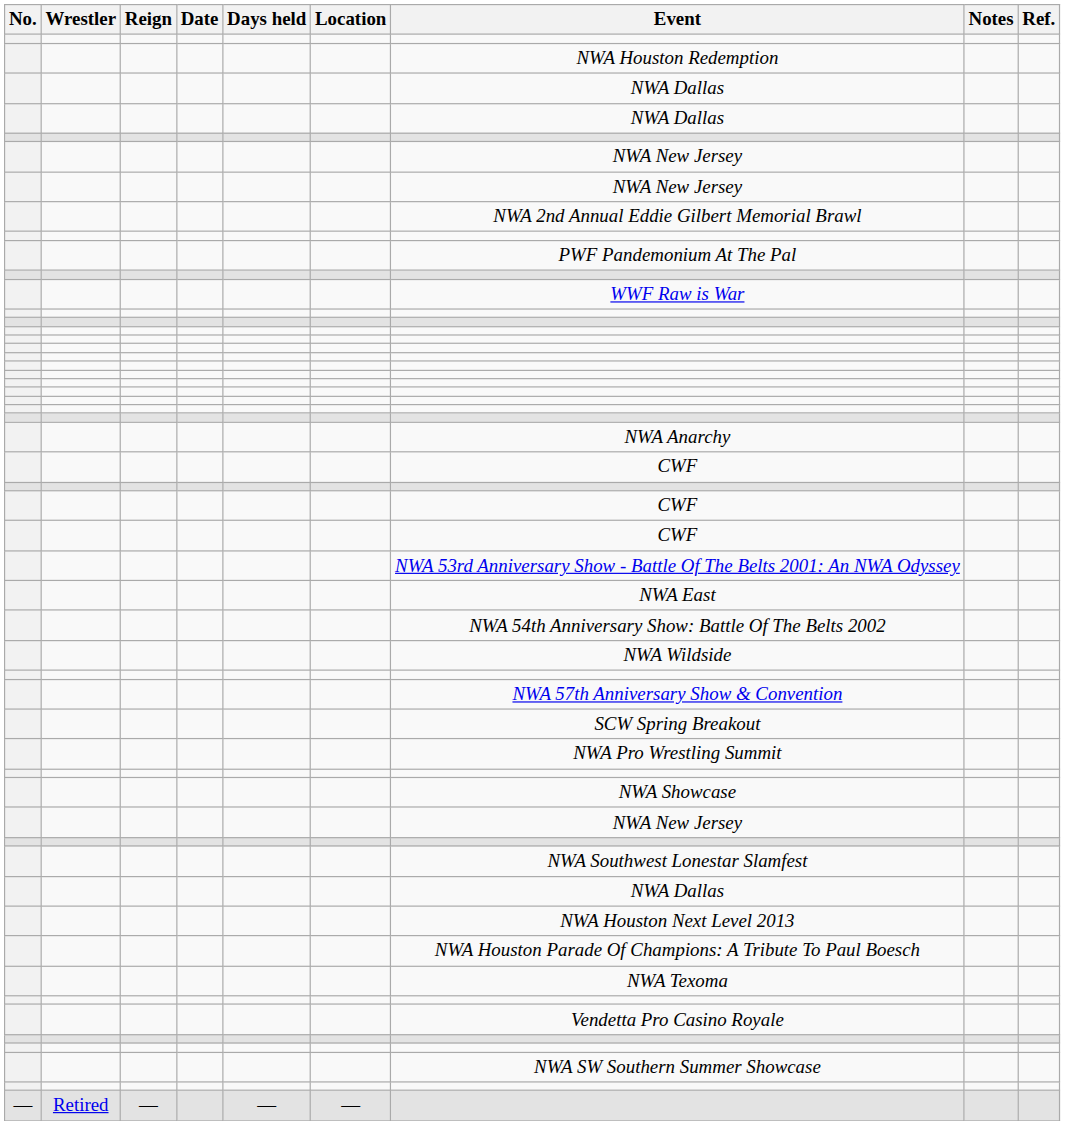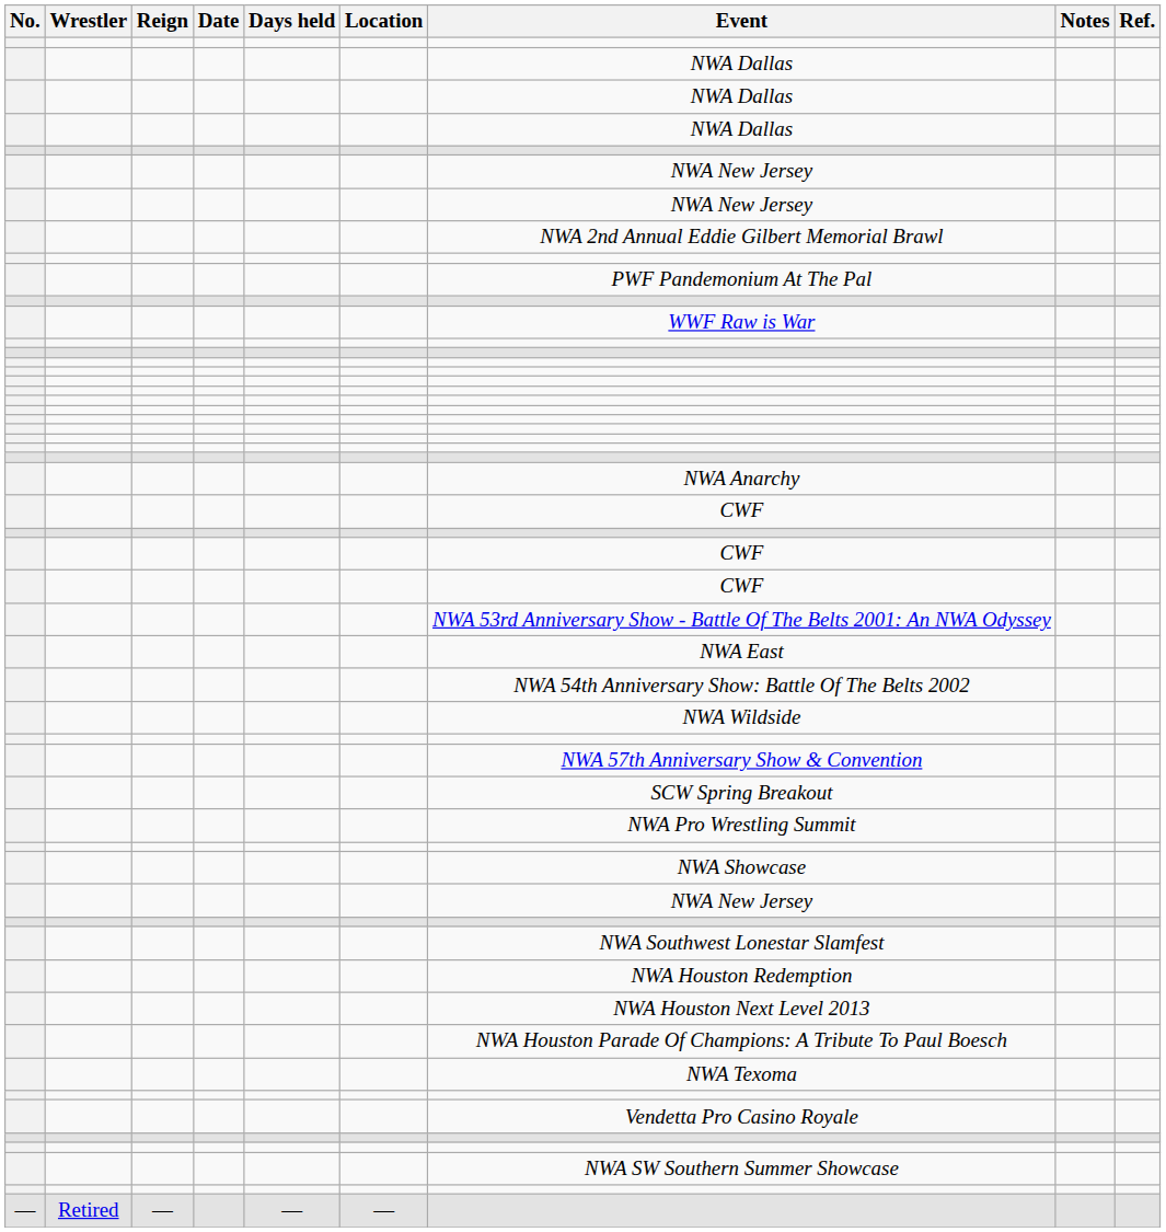 <table class="wikitable sortable" style="text-align: center">
 <tr>
 <th>No.</th>
 <th>Wrestler</th>
 <th>Reign</th>
 <th>Date</th>
 <th>Days held</th>
 <th>Location</th>
 <th>Event</th>
 <th>Notes</th>
 <th>Ref.</th>
 </tr>
 <tr>
 <th></th>
 <td></td>
 <td></td>
 <td></td>
 <td></td>
 <td></td>
 <td></td>
 <td align="left"></td>
 <td></td>
 </tr>
 <tr>
 <th></th>
 <td></td>
 <td></td>
 <td></td>
 <td></td>
 <td></td>
-<td><em>NWA Houston Redemption</em></td>
+<td><em>NWA Dallas</em></td>
 <td></td>
 <td></td>
 </tr>
 <tr>
 <th></th>
 <td></td>
 <td></td>
 <td></td>
 <td></td>
 <td></td>
 <td><em>NWA Dallas</em></td>
 <td></td>
 <td></td>
 </tr>
 <tr>
 <th></th>
 <td></td>
 <td></td>
 <td></td>
 <td></td>
 <td></td>
 <td><em>NWA Dallas</em></td>
 <td></td>
 <td></td>
 </tr>
 <tr style="background:#e3e3e3">
 <td></td>
 <td></td>
 <td></td>
 <td></td>
 <td></td>
 <td></td>
 <td></td>
 <td align="left"></td>
 <td></td>
 </tr>
 <tr>
 <th></th>
 <td></td>
 <td></td>
 <td></td>
 <td></td>
 <td></td>
 <td><em>NWA New Jersey</em></td>
 <td align="left"></td>
 <td></td>
 </tr>
 <tr>
 <th></th>
 <td></td>
 <td></td>
 <td></td>
 <td></td>
 <td></td>
 <td><em>NWA New Jersey</em></td>
 <td align="left"></td>
 <td></td>
 </tr>
 <tr>
 <th></th>
 <td></td>
 <td></td>
 <td></td>
 <td></td>
 <td></td>
 <td><em>NWA 2nd Annual Eddie Gilbert Memorial Brawl</em></td>
 <td></td>
 <td></td>
 </tr>
 <tr>
 <th></th>
 <td></td>
 <td></td>
 <td></td>
 <td></td>
 <td></td>
 <td></td>
 <td></td>
 <td></td>
 </tr>
 <tr>
 <th></th>
 <td></td>
 <td></td>
 <td></td>
 <td></td>
 <td></td>
 <td><em>PWF Pandemonium At The Pal</em></td>
 <td></td>
 <td></td>
 </tr>
 <tr style="background:#e3e3e3">
 <td></td>
 <td></td>
 <td></td>
 <td></td>
 <td></td>
 <td></td>
 <td></td>
 <td align="left"></td>
 <td></td>
 </tr>
 <tr>
 <th></th>
 <td></td>
 <td></td>
 <td></td>
 <td></td>
 <td></td>
 <td><em><a href='#'>WWF Raw is War</a></em></td>
 <td align="left"></td>
 <td></td>
 </tr>
 <tr>
 <th></th>
 <td></td>
 <td></td>
 <td></td>
 <td></td>
 <td></td>
 <td></td>
 <td align="left"></td>
 <td></td>
 </tr>
 <tr style="background:#e3e3e3">
 <td></td>
 <td></td>
 <td></td>
 <td></td>
 <td></td>
 <td></td>
 <td></td>
 <td align="left"></td>
 <td></td>
 </tr>
 <tr>
 <th></th>
 <td></td>
 <td></td>
 <td></td>
 <td></td>
 <td></td>
 <td></td>
 <td align="left"></td>
 <td></td>
 </tr>
 <tr>
 <th></th>
 <td></td>
 <td></td>
 <td></td>
 <td></td>
 <td></td>
 <td></td>
 <td></td>
 <td></td>
 </tr>
 <tr>
 <th></th>
 <td></td>
 <td></td>
 <td></td>
 <td></td>
 <td></td>
 <td></td>
 <td></td>
 <td></td>
 </tr>
 <tr>
 <th></th>
 <td></td>
 <td></td>
 <td></td>
 <td></td>
 <td></td>
 <td></td>
 <td></td>
 <td></td>
 </tr>
 <tr>
 <th></th>
 <td></td>
 <td></td>
 <td></td>
 <td></td>
 <td></td>
 <td></td>
 <td></td>
 <td></td>
 </tr>
 <tr>
 <th></th>
 <td></td>
 <td></td>
 <td></td>
 <td></td>
 <td></td>
 <td></td>
 <td></td>
 <td></td>
 </tr>
 <tr>
 <th></th>
 <td></td>
 <td></td>
 <td></td>
 <td></td>
 <td></td>
 <td></td>
 <td></td>
 <td></td>
 </tr>
 <tr>
 <th></th>
 <td></td>
 <td></td>
 <td></td>
 <td></td>
 <td></td>
 <td></td>
 <td></td>
 <td></td>
 </tr>
 <tr>
 <th></th>
 <td></td>
 <td></td>
 <td></td>
 <td></td>
 <td></td>
 <td></td>
 <td></td>
 <td></td>
 </tr>
 <tr>
 <th></th>
 <td></td>
 <td></td>
 <td></td>
 <td></td>
 <td></td>
 <td></td>
 <td></td>
 <td></td>
 </tr>
 <tr style="background:#e3e3e3">
 <td></td>
 <td></td>
 <td></td>
 <td></td>
 <td></td>
 <td></td>
 <td></td>
 <td align="left"></td>
 <td></td>
 </tr>
 <tr>
 <th></th>
 <td></td>
 <td></td>
 <td></td>
 <td></td>
 <td></td>
 <td><em>NWA Anarchy</em></td>
 <td align="left"></td>
 <td></td>
 </tr>
 <tr>
 <th></th>
 <td></td>
 <td></td>
 <td></td>
 <td></td>
 <td></td>
 <td><em>CWF</em></td>
 <td></td>
 <td></td>
 </tr>
 <tr style="background:#e3e3e3">
 <td></td>
 <td></td>
 <td></td>
 <td></td>
 <td></td>
 <td></td>
 <td></td>
 <td align="left"></td>
 <td></td>
 </tr>
 <tr>
 <th></th>
 <td></td>
 <td></td>
 <td></td>
 <td></td>
 <td></td>
 <td><em>CWF</em></td>
 <td align="left"></td>
 <td></td>
 </tr>
 <tr>
 <th></th>
 <td></td>
 <td></td>
 <td></td>
 <td></td>
 <td></td>
 <td><em>CWF</em></td>
 <td></td>
 <td></td>
 </tr>
 <tr>
 <th></th>
 <td></td>
 <td></td>
 <td></td>
 <td></td>
 <td></td>
 <td><em><a href='#'>NWA 53rd Anniversary Show - Battle Of The Belts 2001: An NWA Odyssey</a></em></td>
 <td align="left"></td>
 <td></td>
 </tr>
 <tr>
 <th></th>
 <td></td>
 <td></td>
 <td></td>
 <td></td>
 <td></td>
 <td><em>NWA East</em></td>
 <td></td>
 <td></td>
 </tr>
 <tr>
 <th></th>
 <td></td>
 <td></td>
 <td></td>
 <td></td>
 <td></td>
 <td><em>NWA 54th Anniversary Show: Battle Of The Belts 2002</em></td>
 <td></td>
 <td></td>
 </tr>
 <tr>
 <th></th>
 <td></td>
 <td></td>
 <td></td>
 <td></td>
 <td></td>
 <td><em>NWA Wildside</em></td>
 <td></td>
 <td></td>
 </tr>
 <tr>
 <th></th>
 <td></td>
 <td></td>
 <td></td>
 <td></td>
 <td></td>
 <td></td>
 <td></td>
 <td></td>
 </tr>
 <tr>
 <th></th>
 <td></td>
 <td></td>
 <td></td>
 <td></td>
 <td></td>
 <td><em><a href='#'>NWA 57th Anniversary Show & Convention</a></em></td>
 <td align="left"></td>
 <td></td>
 </tr>
 <tr>
 <th></th>
 <td></td>
 <td></td>
 <td></td>
 <td></td>
 <td></td>
 <td><em>SCW Spring Breakout</em></td>
 <td></td>
 <td></td>
 </tr>
 <tr>
 <th></th>
 <td></td>
 <td></td>
 <td></td>
 <td></td>
 <td></td>
 <td><em>NWA Pro Wrestling Summit</em></td>
 <td></td>
 <td></td>
 </tr>
 <tr>
 <th></th>
 <td></td>
 <td></td>
 <td></td>
 <td></td>
 <td></td>
 <td></td>
 <td></td>
 <td></td>
 </tr>
 <tr>
 <th></th>
 <td></td>
 <td></td>
 <td></td>
 <td></td>
 <td></td>
 <td><em>NWA Showcase</em></td>
 <td></td>
 <td></td>
 </tr>
 <tr>
 <th></th>
 <td></td>
 <td></td>
 <td></td>
 <td></td>
 <td></td>
 <td><em>NWA New Jersey</em></td>
 <td></td>
 <td></td>
 </tr>
 <tr style="background:#e3e3e3">
 <td></td>
 <td></td>
 <td></td>
 <td></td>
 <td></td>
 <td></td>
 <td></td>
 <td align="left"></td>
 <td></td>
 </tr>
 <tr>
 <th></th>
 <td></td>
 <td></td>
 <td></td>
 <td></td>
 <td></td>
 <td><em>NWA Southwest Lonestar Slamfest</em></td>
 <td align="left"></td>
 <td></td>
 </tr>
 <tr>
 <th></th>
 <td></td>
 <td></td>
 <td></td>
 <td></td>
 <td></td>
-<td><em>NWA Dallas</em></td>
+<td><em>NWA Houston Redemption</em></td>
 <td></td>
 <td></td>
 </tr>
 <tr>
 <th></th>
 <td></td>
 <td></td>
 <td></td>
 <td></td>
 <td></td>
 <td><em>NWA Houston Next Level 2013</em></td>
 <td></td>
 <td></td>
 </tr>
 <tr>
 <th></th>
 <td></td>
 <td></td>
 <td></td>
 <td></td>
 <td></td>
 <td><em>NWA Houston Parade Of Champions: A Tribute To Paul Boesch</em></td>
 <td align="left"></td>
 <td></td>
 </tr>
 <tr>
 <th></th>
 <td></td>
 <td></td>
 <td></td>
 <td></td>
 <td></td>
 <td><em>NWA Texoma</em></td>
 <td></td>
 <td></td>
 </tr>
 <tr>
 <th></th>
 <td></td>
 <td></td>
 <td></td>
 <td></td>
 <td></td>
 <td></td>
 <td></td>
 <td></td>
 </tr>
 <tr>
 <th></th>
 <td></td>
 <td></td>
 <td></td>
 <td></td>
 <td></td>
 <td><em>Vendetta Pro Casino Royale</em></td>
 <td align="left"></td>
 <td></td>
 </tr>
 <tr style="background:#e3e3e3">
 <td></td>
 <td></td>
 <td></td>
 <td></td>
 <td></td>
 <td></td>
 <td></td>
 <td align="left"></td>
 <td></td>
 </tr>
 <tr>
 <th></th>
 <td></td>
 <td></td>
 <td></td>
 <td></td>
 <td></td>
 <td></td>
 <td align="left"></td>
 <td></td>
 </tr>
 <tr>
 <th></th>
 <td></td>
 <td></td>
 <td></td>
 <td></td>
 <td></td>
 <td><em>NWA SW Southern Summer Showcase</em></td>
 <td></td>
 <td></td>
 </tr>
 <tr>
 <th></th>
 <td></td>
 <td></td>
 <td></td>
 <td></td>
 <td></td>
 <td></td>
 <td></td>
 <td></td>
 </tr>
 <tr style="background: #e3e3e3;">
 <td>—</td>
 <td><a href='#'>Retired</a></td>
 <td>—</td>
 <td></td>
 <td>—</td>
 <td>—</td>
 <td></td>
 <td align="left"></td>
 <td></td>
 </tr>
 </table>
